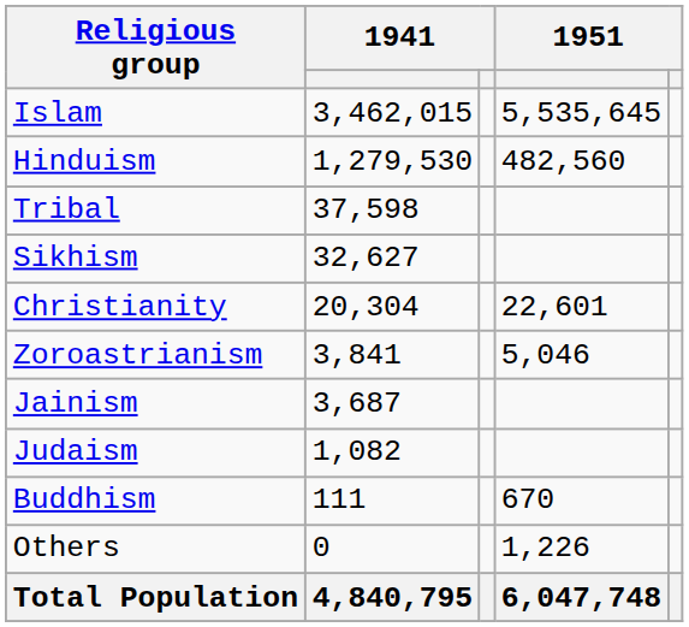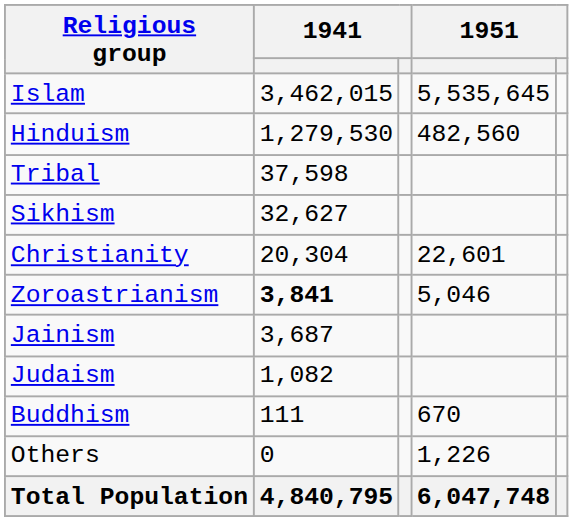 <table class="wikitable sortable">
 <tr>
 <th rowspan="2"><a href='#'>Religious</a><br>group</th>
 <th colspan="2">1941</th>
 <th colspan="2">1951</th>
 </tr>
 <tr>
 <th><a href='#'></a></th>
 <th></th>
 <th></th>
 <th></th>
 </tr>
 <tr>
 <td><a href='#'>Islam</a> </td>
 <td>3,462,015</td>
 <td></td>
 <td>5,535,645</td>
 <td></td>
 </tr>
 <tr>
 <td><a href='#'>Hinduism</a> </td>
 <td>1,279,530</td>
 <td></td>
 <td>482,560</td>
 <td></td>
 </tr>
 <tr>
 <td><a href='#'>Tribal</a></td>
 <td>37,598</td>
 <td></td>
 <td></td>
 <td></td>
 </tr>
 <tr>
 <td><a href='#'>Sikhism</a> </td>
 <td>32,627</td>
 <td></td>
 <td></td>
 <td></td>
 </tr>
 <tr>
 <td><a href='#'>Christianity</a> </td>
 <td>20,304</td>
 <td></td>
 <td>22,601</td>
 <td></td>
 </tr>
 <tr>
 <td><a href='#'>Zoroastrianism</a> </td>
-<td>3,841</td>
+<td><strong>3,841</strong></td>
 <td></td>
 <td>5,046</td>
 <td></td>
 </tr>
 <tr>
 <td><a href='#'>Jainism</a> </td>
 <td>3,687</td>
 <td></td>
 <td></td>
 <td></td>
 </tr>
 <tr>
 <td><a href='#'>Judaism</a> </td>
 <td>1,082</td>
 <td></td>
 <td></td>
 <td></td>
 </tr>
 <tr>
 <td><a href='#'>Buddhism</a> </td>
 <td>111</td>
 <td></td>
 <td>670</td>
 <td></td>
 </tr>
 <tr>
 <td>Others</td>
 <td>0</td>
 <td></td>
 <td>1,226</td>
 <td></td>
 </tr>
 <tr>
 <th>Total Population</th>
 <th>4,840,795</th>
 <th></th>
 <th>6,047,748</th>
 <th></th>
 </tr>
 </table>
